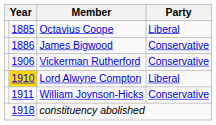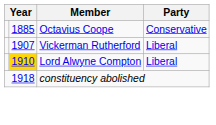 <table class="wikitable">
 <tr>
 <th colspan="2">Year</th>
 <th>Member</th>
 <th>Party</th>
 </tr>
 <tr>
 <td style="color:inherit;background-color: "></td>
 <td><a href='#'>1885</a></td>
 <td><a href='#'>Octavius Coope</a></td>
-<td><a href='#'>Liberal</a></td>
-</tr>
-<tr>
-<td style="color:inherit;background-color: "></td>
-<td><a href='#'>1886</a></td>
-<td><a href='#'>James Bigwood</a></td>
 <td><a href='#'>Conservative</a></td>
 </tr>
 <tr>
 <td style="color:inherit;background-color: "></td>
-<td><a href='#'>1906</a></td>
+<td><a href='#'>1907</a></td>
 <td><a href='#'>Vickerman Rutherford</a></td>
-<td><a href='#'>Conservative</a></td>
+<td><a href='#'>Liberal</a></td>
 </tr>
 <tr>
 <td style="color:inherit;background-color: "></td>
 <td style="background: gold;"><a href='#'>1910</a></td>
 <td><a href='#'>Lord Alwyne Compton</a></td>
 <td><a href='#'>Liberal</a></td>
 </tr>
 <tr>
-<td style="color:inherit;background-color: "></td>
-<td><a href='#'>1911</a></td>
-<td><a href='#'>William Joynson-Hicks</a></td>
-<td><a href='#'>Conservative</a></td>
-</tr>
-<tr>
 <td colspan="2" align="right"><a href='#'>1918</a></td>
 <td colspan="2"><em>constituency abolished</em></td>
 </tr>
 </table>
